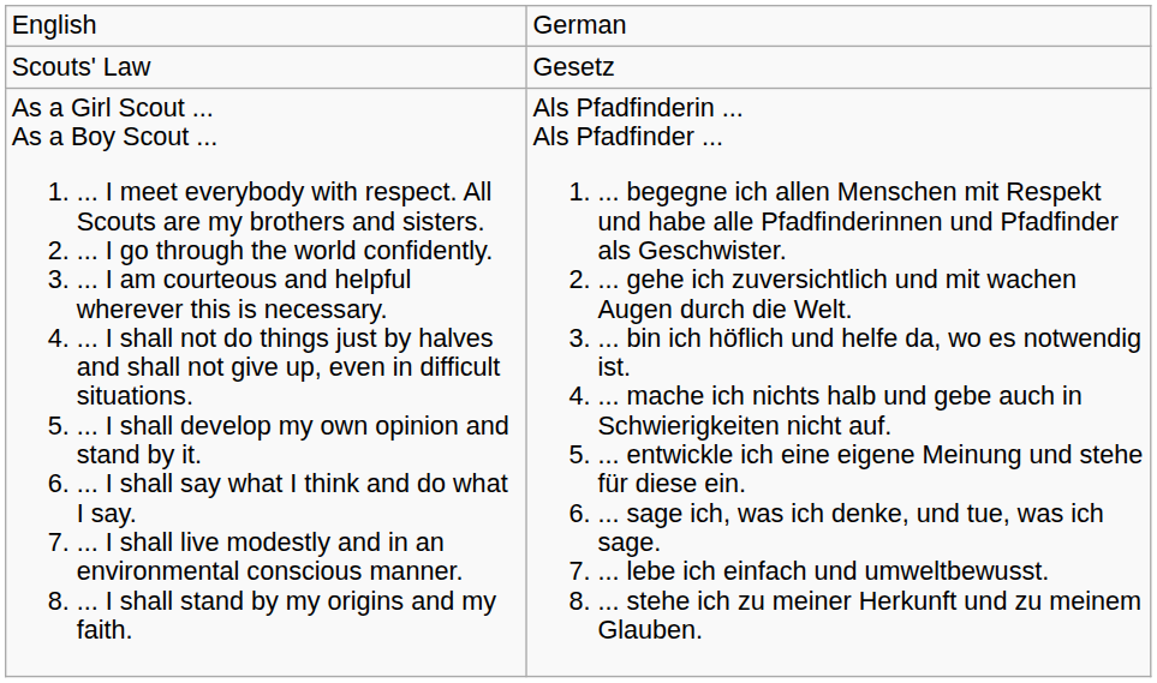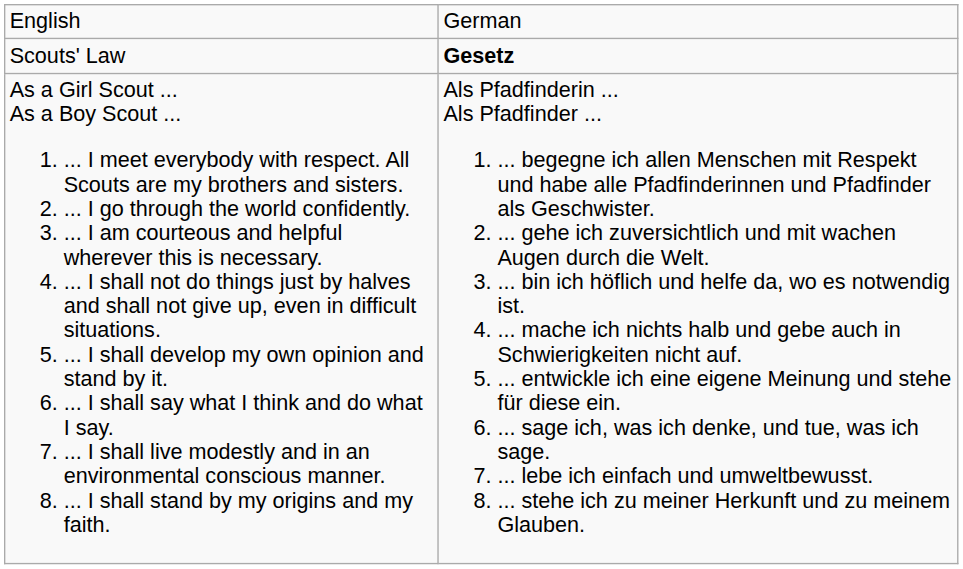 <table class="wikitable" width="80%">
 <tr>
 <td>English</td>
 <td>German</td>
 </tr>
 <tr>
 <td>Scouts' Law</td>
-<td>Gesetz</td>
+<td><strong>Gesetz</strong></td>
 </tr>
 <tr>
 <td>As a Girl Scout ...<br>As a Boy Scout ...<br><ol><li>... I meet everybody with respect. All Scouts are my brothers and sisters.</li><li>... I go through the world confidently.</li><li>... I am courteous and helpful wherever this is necessary.</li><li>... I shall not do things just by halves and shall not give up, even in difficult situations.</li><li>... I shall develop my own opinion and stand by it.</li><li>... I shall say what I think and do what I say.</li><li>... I shall live modestly and in an environmental conscious manner.</li><li>... I shall stand by my origins and my faith.</li></ol></td>
 <td>Als Pfadfinderin ...<br>Als Pfadfinder ...<br><ol><li>... begegne ich allen Menschen mit Respekt und habe alle Pfadfinderinnen und Pfadfinder als Geschwister.</li><li>... gehe ich zuversichtlich und mit wachen Augen durch die Welt.</li><li>... bin ich höflich und helfe da, wo es notwendig ist.</li><li>... mache ich nichts halb und gebe auch in Schwierigkeiten nicht auf.</li><li>... entwickle ich eine eigene Meinung und stehe für diese ein.</li><li>... sage ich, was ich denke, und tue, was ich sage.</li><li>... lebe ich einfach und umweltbewusst.</li><li>... stehe ich zu meiner Herkunft und zu meinem Glauben.</li></ol></td>
 </tr>
 </table>
